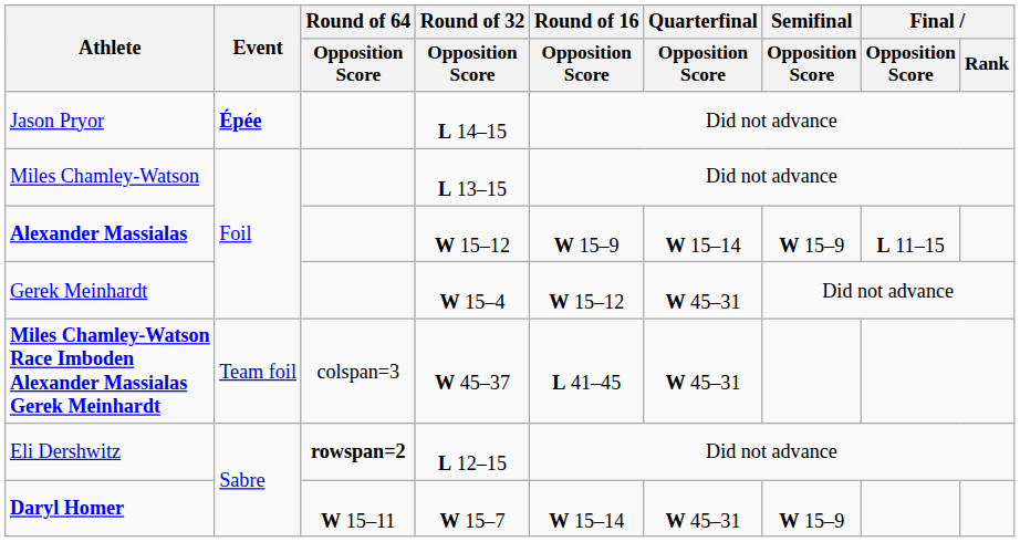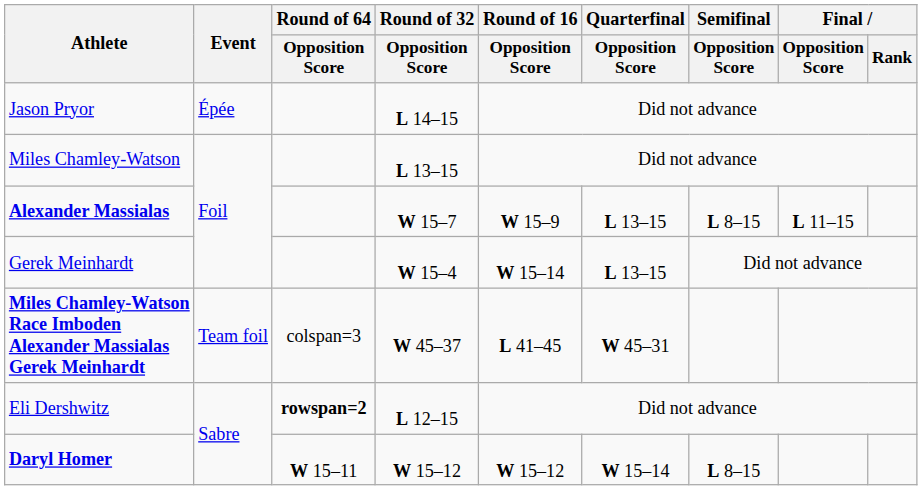 <table class=wikitable style=font-size:90%;text-align:center>
 <tr>
 <th rowspan=2>Athlete</th>
 <th rowspan=2>Event</th>
 <th>Round of 64</th>
 <th>Round of 32</th>
 <th>Round of 16</th>
 <th>Quarterfinal</th>
 <th>Semifinal</th>
 <th colspan=2>Final / </th>
 </tr>
 <tr style=font-size:95%>
 <th>Opposition<br>Score</th>
 <th>Opposition<br>Score</th>
 <th>Opposition<br>Score</th>
 <th>Opposition<br>Score</th>
 <th>Opposition<br>Score</th>
 <th>Opposition<br>Score</th>
 <th>Rank</th>
 </tr>
 <tr>
 <td align=left><a href='#'>Jason Pryor</a></td>
-<td align=left><strong><a href='#'>Épée</a></strong></td>
+<td align=left><a href='#'>Épée</a></td>
 <td></td>
 <td><br><strong>L</strong> 14–15</td>
 <td colspan=5>Did not advance</td>
 </tr>
 <tr>
 <td align=left><a href='#'>Miles Chamley-Watson</a></td>
 <td align=left rowspan=3><a href='#'>Foil</a></td>
 <td></td>
 <td><br><strong>L</strong> 13–15</td>
 <td colspan=5>Did not advance</td>
 </tr>
 <tr>
 <td align=left><strong><a href='#'>Alexander Massialas</a></strong></td>
 <td></td>
-<td><br><strong>W</strong> 15–12</td>
+<td><br><strong>W</strong> 15–7</td>
 <td><br><strong>W</strong> 15–9</td>
-<td><br><strong>W</strong> 15–14</td>
-<td><br><strong>W</strong> 15–9</td>
+<td><br><strong>L</strong> 13–15</td>
+<td><br><strong>L</strong> 8–15</td>
 <td><br><strong>L</strong> 11–15</td>
 <td></td>
 </tr>
 <tr>
 <td align=left><a href='#'>Gerek Meinhardt</a></td>
 <td></td>
 <td><br><strong>W</strong> 15–4</td>
-<td><br><strong>W</strong> 15–12</td>
-<td><br> <strong>W</strong> 45–31</td>
+<td><br><strong>W</strong> 15–14</td>
+<td><br><strong>L</strong> 13–15</td>
 <td colspan=3>Did not advance</td>
 </tr>
 <tr>
 <td align=left><strong><a href='#'>Miles Chamley-Watson</a><br><a href='#'>Race Imboden</a><br><a href='#'>Alexander Massialas</a><br><a href='#'>Gerek Meinhardt</a></strong></td>
 <td align=left><a href='#'>Team foil</a></td>
 <td>colspan=3 </td>
 <td><br><strong>W</strong> 45–37</td>
 <td><br><strong>L</strong> 41–45</td>
 <td><br> <strong>W</strong> 45–31</td>
 <td></td>
 </tr>
 <tr>
 <td align=left><a href='#'>Eli Dershwitz</a></td>
 <td align=left rowspan=2><a href='#'>Sabre</a></td>
 <td><strong>rowspan=2 </strong></td>
 <td><br><strong>L</strong> 12–15</td>
 <td colspan=5>Did not advance</td>
 </tr>
 <tr>
 <td align=left><strong><a href='#'>Daryl Homer</a></strong></td>
 <td><br><strong>W</strong> 15–11</td>
-<td><br><strong>W</strong> 15–7</td>
+<td><br><strong>W</strong> 15–12</td>
+<td><br><strong>W</strong> 15–12</td>
 <td><br><strong>W</strong> 15–14</td>
-<td><br> <strong>W</strong> 45–31</td>
-<td><br><strong>W</strong> 15–9</td>
+<td><br><strong>L</strong> 8–15</td>
 <td></td>
 </tr>
 </table>
